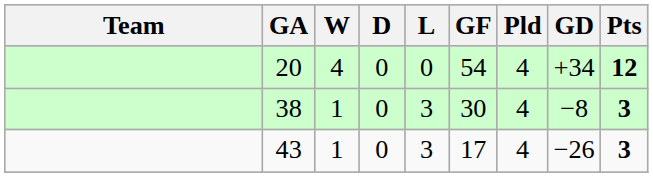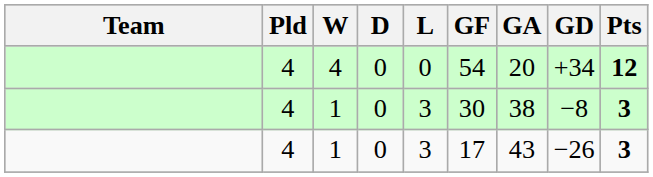 <table class="wikitable" style="text-align:center;">
 <tr>
 <th width=150>Team</th>
-<th width=20>GA</th>
+<th width=20>Pld</th>
 <th width=20>W</th>
 <th width=20>D</th>
 <th width=20>L</th>
 <th width=20>GF</th>
-<th width=20>Pld</th>
+<th width=20>GA</th>
 <th width=20>GD</th>
 <th width=20>Pts</th>
 </tr>
 <tr bgcolor=ccffcc>
 <td align="left"></td>
-<td>20</td>
+<td>4</td>
 <td>4</td>
 <td>0</td>
 <td>0</td>
 <td>54</td>
-<td>4</td>
+<td>20</td>
 <td>+34</td>
 <td><strong>12</strong></td>
 </tr>
 <tr bgcolor=ccffcc>
 <td align="left"></td>
-<td>38</td>
+<td>4</td>
 <td>1</td>
 <td>0</td>
 <td>3</td>
 <td>30</td>
-<td>4</td>
+<td>38</td>
 <td>−8</td>
 <td><strong>3</strong></td>
 </tr>
 <tr>
 <td align="left"></td>
-<td>43</td>
+<td>4</td>
 <td>1</td>
 <td>0</td>
 <td>3</td>
 <td>17</td>
-<td>4</td>
+<td>43</td>
 <td>−26</td>
 <td><strong>3</strong></td>
 </tr>
 </table>
